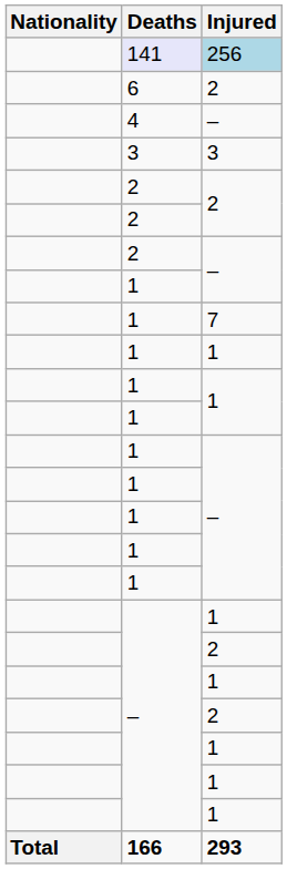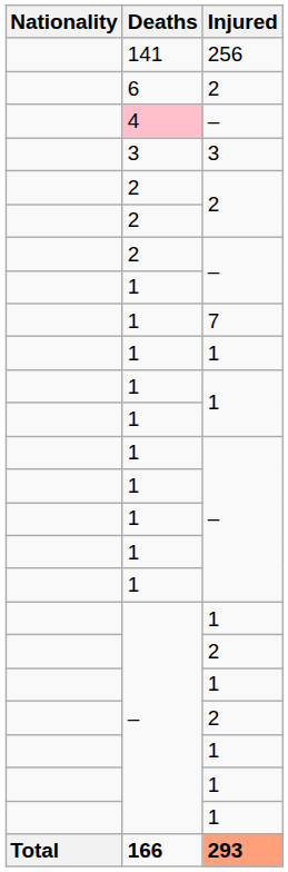 <table class="wikitable sortable" style="font-size:85%; margin:0 0 0.5em 1em; float:right;">
 <tr>
 <th>Nationality</th>
 <th>Deaths</th>
 <th>Injured</th>
 </tr>
 <tr>
 <td></td>
-<td style="background: lavender;">141</td>
-<td style="background: lightblue;">256</td>
+<td>141</td>
+<td>256</td>
 </tr>
 <tr>
 <td></td>
 <td>6</td>
 <td>2</td>
 </tr>
 <tr>
 <td></td>
-<td>4</td>
+<td style="background: pink;">4</td>
 <td>–</td>
 </tr>
 <tr>
 <td></td>
 <td>3</td>
 <td>3</td>
 </tr>
 <tr>
 <td></td>
 <td>2</td>
 <td rowspan="2">2</td>
 </tr>
 <tr>
 <td></td>
 <td>2</td>
 </tr>
 <tr>
 <td></td>
 <td>2</td>
 <td rowspan="2">–</td>
 </tr>
 <tr>
 <td></td>
 <td>1</td>
 </tr>
 <tr>
 <td></td>
 <td>1</td>
 <td>7</td>
 </tr>
 <tr>
 <td></td>
 <td>1</td>
 <td>1</td>
 </tr>
 <tr>
 <td></td>
 <td>1</td>
 <td rowspan="2">1</td>
 </tr>
 <tr>
 <td></td>
 <td>1</td>
 </tr>
 <tr>
 <td></td>
 <td>1</td>
 <td rowspan="5">–</td>
 </tr>
 <tr>
 <td></td>
 <td>1</td>
 </tr>
 <tr>
 <td></td>
 <td>1</td>
 </tr>
 <tr>
 <td></td>
 <td>1</td>
 </tr>
 <tr>
 <td></td>
 <td>1</td>
 </tr>
 <tr>
 <td></td>
 <td rowspan="7">–</td>
 <td>1</td>
 </tr>
 <tr>
 <td></td>
 <td>2</td>
 </tr>
 <tr>
 <td></td>
 <td>1</td>
 </tr>
 <tr>
 <td></td>
 <td>2</td>
 </tr>
 <tr>
 <td></td>
 <td>1</td>
 </tr>
 <tr>
 <td></td>
 <td>1</td>
 </tr>
 <tr>
 <td></td>
 <td>1</td>
 </tr>
 <tr class="sortbottom">
 <th style="text-align:left;">Total</th>
 <td><strong>166</strong></td>
-<td><strong>293</strong></td>
+<td style="background: lightsalmon;"><strong>293</strong></td>
 </tr>
 </table>
